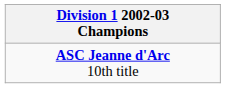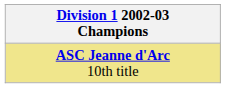 <table class="wikitable" style="margin: 0 auto; width: 240px;">
 <tr>
 <th><a href='#'>Division 1</a> 2002-03<br>Champions</th>
 </tr>
 <tr>
-<td align=center><strong><a href='#'>ASC Jeanne d'Arc</a></strong><br>10th title</td>
+<td align=center style="background: khaki;"><strong><a href='#'>ASC Jeanne d'Arc</a></strong><br>10th title</td>
 </tr>
 </table>
